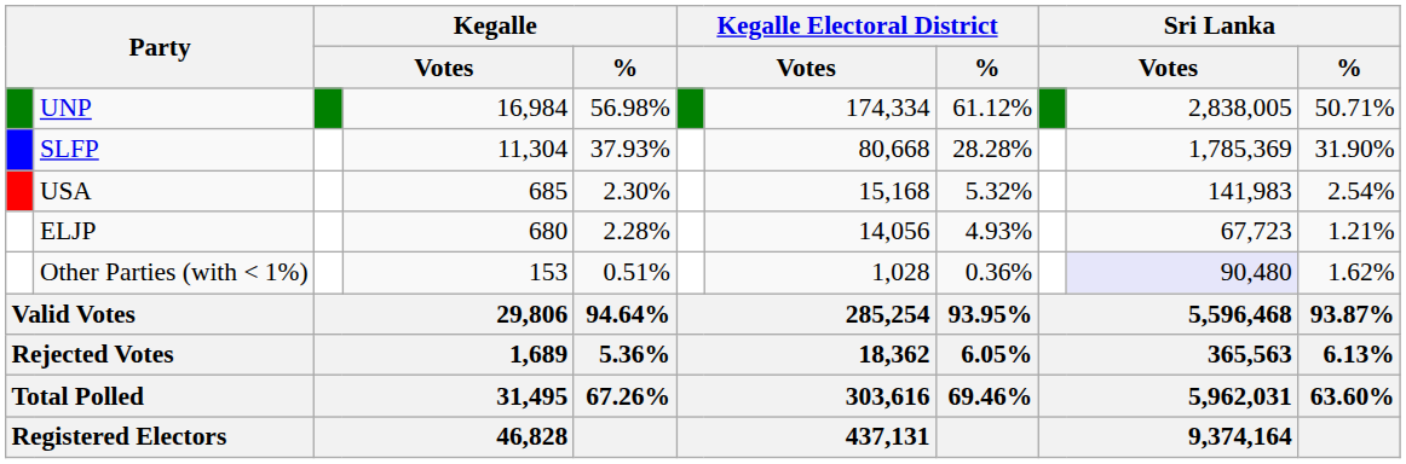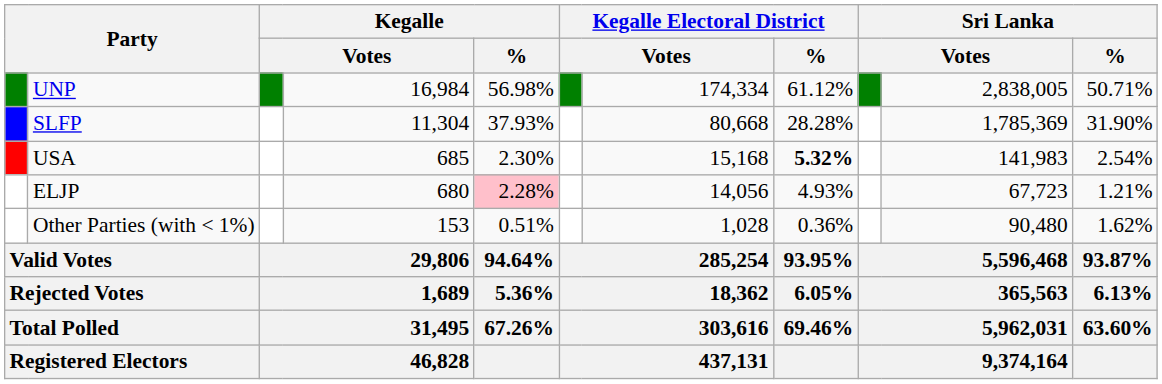 <table class="wikitable">
 <tr>
 <th colspan="2" width="144px"rowspan="2">Party</th>
 <th colspan="3" width="216px">Kegalle</th>
 <th colspan="3" width="216px"><a href='#'>Kegalle Electoral District</a></th>
 <th colspan="3" width="216px">Sri Lanka</th>
 </tr>
 <tr>
 <th colspan="2" width="144px">Votes</th>
 <th>%</th>
 <th colspan="2" width="144px">Votes</th>
 <th>%</th>
 <th colspan="2" width="144px">Votes</th>
 <th>%</th>
 </tr>
 <tr>
 <td style="background-color:green;" width="10px"></td>
 <td style="text-align:left;"><a href='#'>UNP</a></td>
 <td style="background-color:green;" width="10px"></td>
 <td style="text-align:right;">16,984</td>
 <td style="text-align:right;">56.98%</td>
 <td style="background-color:green;" width="10px"></td>
 <td style="text-align:right;">174,334</td>
 <td style="text-align:right;">61.12%</td>
 <td style="background-color:green;" width="10px"></td>
 <td style="text-align:right;">2,838,005</td>
 <td style="text-align:right;">50.71%</td>
 </tr>
 <tr>
 <td style="background-color:blue;" width="10px"></td>
 <td style="text-align:left;"><a href='#'>SLFP</a></td>
 <td style="background-color:white;" width="10px"></td>
 <td style="text-align:right;">11,304</td>
 <td style="text-align:right;">37.93%</td>
 <td style="background-color:white;" width="10px"></td>
 <td style="text-align:right;">80,668</td>
 <td style="text-align:right;">28.28%</td>
 <td style="background-color:white;" width="10px"></td>
 <td style="text-align:right;">1,785,369</td>
 <td style="text-align:right;">31.90%</td>
 </tr>
 <tr>
 <td style="background-color:red;" width="10px"></td>
 <td style="text-align:left;">USA</td>
 <td style="background-color:white;" width="10px"></td>
 <td style="text-align:right;">685</td>
 <td style="text-align:right;">2.30%</td>
 <td style="background-color:white;" width="10px"></td>
 <td style="text-align:right;">15,168</td>
-<td style="text-align:right;">5.32%</td>
+<td style="text-align:right;"><strong>5.32%</strong></td>
 <td style="background-color:white;" width="10px"></td>
 <td style="text-align:right;">141,983</td>
 <td style="text-align:right;">2.54%</td>
 </tr>
 <tr>
 <td style="background-color:white;" width="10px"></td>
 <td style="text-align:left;">ELJP</td>
 <td style="background-color:white;" width="10px"></td>
 <td style="text-align:right;">680</td>
-<td style="text-align:right;">2.28%</td>
+<td style="background: pink; text-align:right;">2.28%</td>
 <td style="background-color:white;" width="10px"></td>
 <td style="text-align:right;">14,056</td>
 <td style="text-align:right;">4.93%</td>
 <td style="background-color:white;" width="10px"></td>
 <td style="text-align:right;">67,723</td>
 <td style="text-align:right;">1.21%</td>
 </tr>
 <tr>
 <td style="background-color:white;" width="10px"></td>
 <td style="text-align:left;">Other Parties (with < 1%)</td>
 <td style="background-color:white;" width="10px"></td>
 <td style="text-align:right;">153</td>
 <td style="text-align:right;">0.51%</td>
 <td style="background-color:white;" width="10px"></td>
 <td style="text-align:right;">1,028</td>
 <td style="text-align:right;">0.36%</td>
 <td style="background-color:white;" width="10px"></td>
-<td style="background: lavender; text-align:right;">90,480</td>
+<td style="text-align:right;">90,480</td>
 <td style="text-align:right;">1.62%</td>
 </tr>
 <tr>
 <th colspan="2" width="144px"style="text-align:left;">Valid Votes</th>
 <th style="text-align:right;"colspan="2" width="144px">29,806</th>
 <th style="text-align:right;">94.64%</th>
 <th style="text-align:right;"colspan="2" width="144px">285,254</th>
 <th style="text-align:right;">93.95%</th>
 <th style="text-align:right;"colspan="2" width="144px">5,596,468</th>
 <th style="text-align:right;">93.87%</th>
 </tr>
 <tr>
 <th colspan="2" width="144px"style="text-align:left;">Rejected Votes</th>
 <th style="text-align:right;"colspan="2" width="144px">1,689</th>
 <th style="text-align:right;">5.36%</th>
 <th style="text-align:right;"colspan="2" width="144px">18,362</th>
 <th style="text-align:right;">6.05%</th>
 <th style="text-align:right;"colspan="2" width="144px">365,563</th>
 <th style="text-align:right;">6.13%</th>
 </tr>
 <tr>
 <th colspan="2" width="144px"style="text-align:left;">Total Polled</th>
 <th style="text-align:right;"colspan="2" width="144px">31,495</th>
 <th style="text-align:right;">67.26%</th>
 <th style="text-align:right;"colspan="2" width="144px">303,616</th>
 <th style="text-align:right;">69.46%</th>
 <th style="text-align:right;"colspan="2" width="144px">5,962,031</th>
 <th style="text-align:right;">63.60%</th>
 </tr>
 <tr>
 <th colspan="2" width="144px"style="text-align:left;">Registered Electors</th>
 <th style="text-align:right;"colspan="2" width="144px">46,828</th>
 <th></th>
 <th style="text-align:right;"colspan="2" width="144px">437,131</th>
 <th></th>
 <th style="text-align:right;"colspan="2" width="144px">9,374,164</th>
 <th></th>
 </tr>
 </table>
